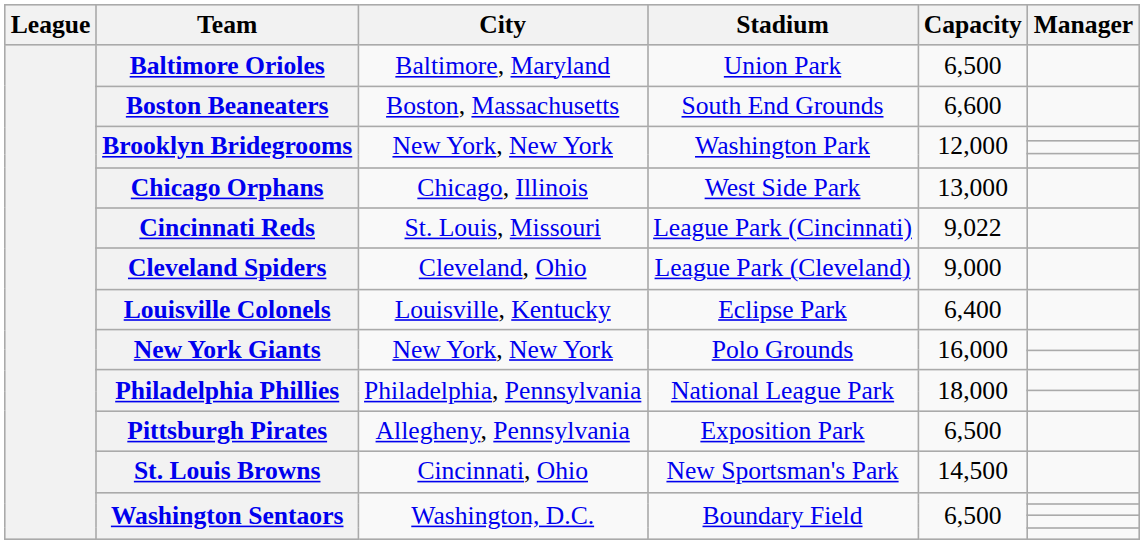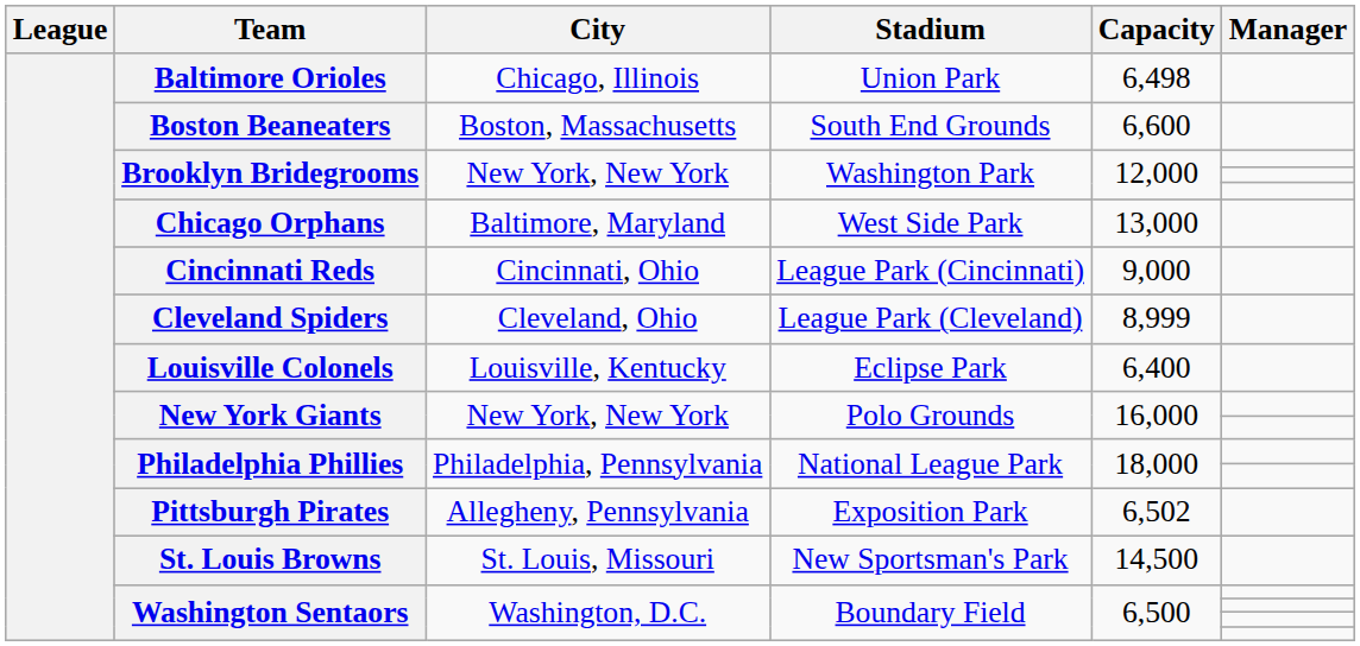 <table class="wikitable sortable plainrowheaders" style="text-align:center;">
 <tr>
 <th scope="col">League</th>
 <th scope="col">Team</th>
 <th scope="col">City</th>
 <th scope="col">Stadium</th>
 <th scope="col">Capacity</th>
 <th scope="col">Manager</th>
 </tr>
 <tr>
 <th rowspan="19"></th>
 <th scope="row"><a href='#'>Baltimore Orioles</a></th>
-<td><a href='#'>Baltimore</a>, <a href='#'>Maryland</a></td>
+<td><a href='#'>Chicago</a>, <a href='#'>Illinois</a></td>
 <td><a href='#'>Union Park</a></td>
-<td>6,500</td>
+<td>6,498</td>
 <td></td>
 </tr>
 <tr>
 <th scope="row"><a href='#'>Boston Beaneaters</a></th>
 <td><a href='#'>Boston</a>, <a href='#'>Massachusetts</a></td>
 <td><a href='#'>South End Grounds</a></td>
 <td>6,600</td>
 <td></td>
 </tr>
 <tr>
 <th rowspan="3" scope="row"><a href='#'>Brooklyn Bridegrooms</a></th>
 <td rowspan="3"><a href='#'>New York</a>, <a href='#'>New York</a></td>
 <td rowspan="3"><a href='#'>Washington Park</a></td>
 <td rowspan="3">12,000</td>
 <td></td>
 </tr>
 <tr>
 <td></td>
 </tr>
 <tr>
 <td></td>
 </tr>
 <tr>
 <th scope="row"><a href='#'>Chicago Orphans</a></th>
-<td><a href='#'>Chicago</a>, <a href='#'>Illinois</a></td>
+<td><a href='#'>Baltimore</a>, <a href='#'>Maryland</a></td>
 <td><a href='#'>West Side Park</a></td>
 <td>13,000</td>
 <td></td>
 </tr>
 <tr>
 <th scope="row"><a href='#'>Cincinnati Reds</a></th>
-<td><a href='#'>St. Louis</a>, <a href='#'>Missouri</a></td>
+<td><a href='#'>Cincinnati</a>, <a href='#'>Ohio</a></td>
 <td><a href='#'>League Park (Cincinnati)</a></td>
-<td>9,022</td>
+<td>9,000</td>
 <td></td>
 </tr>
 <tr>
 <th scope="row"><a href='#'>Cleveland Spiders</a></th>
 <td><a href='#'>Cleveland</a>, <a href='#'>Ohio</a></td>
 <td><a href='#'>League Park (Cleveland)</a></td>
-<td>9,000</td>
+<td>8,999</td>
 <td></td>
 </tr>
 <tr>
 <th scope="row"><a href='#'>Louisville Colonels</a></th>
 <td><a href='#'>Louisville</a>, <a href='#'>Kentucky</a></td>
 <td><a href='#'>Eclipse Park</a></td>
 <td>6,400</td>
 <td></td>
 </tr>
 <tr>
 <th rowspan="2" scope="row"><a href='#'>New York Giants</a></th>
 <td rowspan="2"><a href='#'>New York</a>, <a href='#'>New York</a></td>
 <td rowspan="2"><a href='#'>Polo Grounds</a></td>
 <td rowspan="2">16,000</td>
 <td></td>
 </tr>
 <tr>
 <td></td>
 </tr>
 <tr>
 <th rowspan="2" scope="row"><a href='#'>Philadelphia Phillies</a></th>
 <td rowspan="2"><a href='#'>Philadelphia</a>, <a href='#'>Pennsylvania</a></td>
 <td rowspan="2"><a href='#'>National League Park</a></td>
 <td rowspan="2">18,000</td>
 <td></td>
 </tr>
 <tr>
 <td></td>
 </tr>
 <tr>
 <th scope="row"><a href='#'>Pittsburgh Pirates</a></th>
 <td><a href='#'>Allegheny</a>, <a href='#'>Pennsylvania</a></td>
 <td><a href='#'>Exposition Park</a></td>
-<td>6,500</td>
+<td>6,502</td>
 <td></td>
 </tr>
 <tr>
 <th scope="row"><a href='#'>St. Louis Browns</a></th>
-<td><a href='#'>Cincinnati</a>, <a href='#'>Ohio</a></td>
+<td><a href='#'>St. Louis</a>, <a href='#'>Missouri</a></td>
 <td><a href='#'>New Sportsman's Park</a></td>
 <td>14,500</td>
 <td></td>
 </tr>
 <tr>
 <th rowspan="4" scope="row"><a href='#'>Washington Sentaors</a></th>
 <td rowspan="4"><a href='#'>Washington, D.C.</a></td>
 <td rowspan="4"><a href='#'>Boundary Field</a></td>
 <td rowspan="4">6,500</td>
 <td></td>
 </tr>
 <tr>
 <td></td>
 </tr>
 <tr>
 <td></td>
 </tr>
 <tr>
 <td></td>
 </tr>
 </table>
